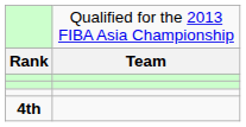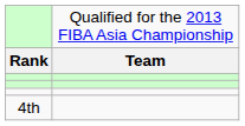 <table class=wikitable style="text-align:center;">
 <tr>
 <td width=5px bgcolor="#ccffcc"></td>
 <td>Qualified for the <a href='#'>2013 FIBA Asia Championship</a></td>
 </tr>
 <tr>
 <th width=40>Rank</th>
 <th width=180>Team</th>
 </tr>
 <tr bgcolor="#ccffcc">
 <td></td>
 <td align=left></td>
 </tr>
 <tr bgcolor="#ccffcc">
 <td></td>
 <td align=left></td>
 </tr>
 <tr>
 <td></td>
 <td align=left></td>
 </tr>
 <tr>
-<td><strong>4th</strong></td>
+<td>4th</td>
 <td align=left></td>
 </tr>
 </table>
